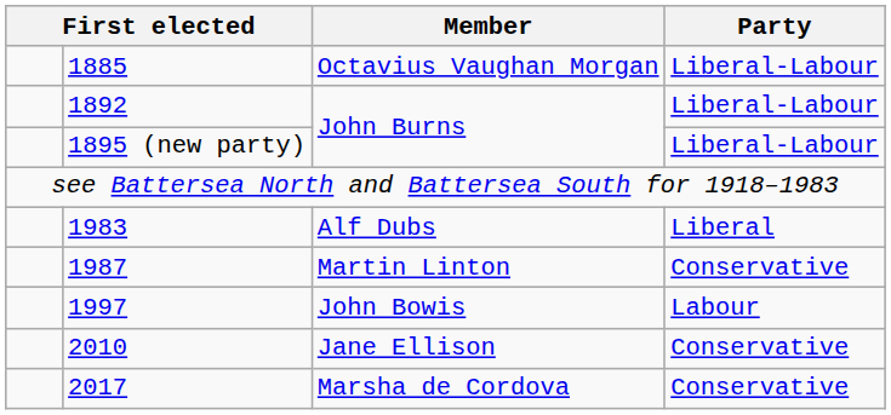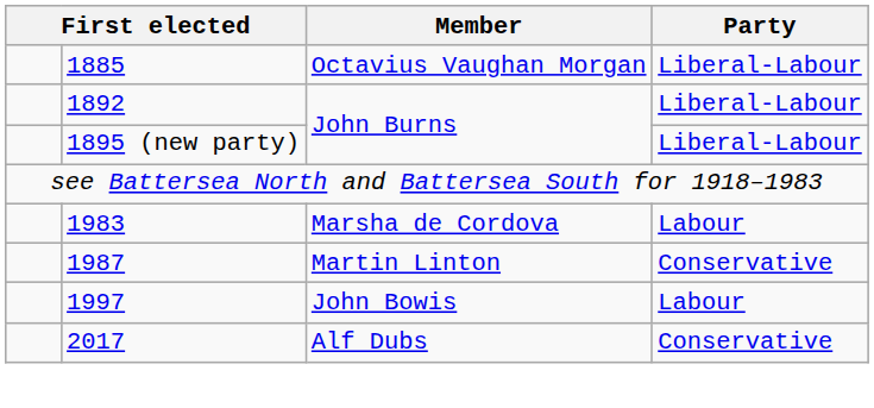 <table class=wikitable>
 <tr>
 <th colspan="2">First elected</th>
 <th>Member</th>
 <th>Party</th>
 </tr>
 <tr>
 <td style="color:inherit;background-color: "></td>
 <td><a href='#'>1885</a></td>
 <td><a href='#'>Octavius Vaughan Morgan</a></td>
 <td><a href='#'>Liberal-Labour</a></td>
 </tr>
 <tr>
 <td style="color:inherit;background-color: ">   </td>
 <td><a href='#'>1892</a></td>
 <td rowspan=2><a href='#'>John Burns</a></td>
 <td><a href='#'>Liberal-Labour</a></td>
 </tr>
 <tr>
 <td style="color:inherit;background-color: ">   </td>
 <td><a href='#'>1895</a> (new party)</td>
 <td><a href='#'>Liberal-Labour</a></td>
 </tr>
 <tr>
 <td colspan="4" align="center"><em>see <a href='#'>Battersea North</a> and <a href='#'>Battersea South</a> for 1918–1983</em></td>
 </tr>
 <tr>
 <td style="color:inherit;background-color: "></td>
 <td><a href='#'>1983</a></td>
-<td><a href='#'>Alf Dubs</a></td>
-<td><a href='#'>Liberal</a></td>
+<td><a href='#'>Marsha de Cordova</a></td>
+<td><a href='#'>Labour</a></td>
 </tr>
 <tr>
 <td style="color:inherit;background-color: "></td>
 <td><a href='#'>1987</a></td>
 <td><a href='#'>Martin Linton</a></td>
 <td><a href='#'>Conservative</a></td>
 </tr>
 <tr>
 <td style="color:inherit;background-color: "></td>
 <td><a href='#'>1997</a></td>
 <td><a href='#'>John Bowis</a></td>
 <td><a href='#'>Labour</a></td>
 </tr>
 <tr>
 <td style="color:inherit;background-color: "></td>
-<td><a href='#'>2010</a></td>
-<td><a href='#'>Jane Ellison</a></td>
-<td><a href='#'>Conservative</a></td>
-</tr>
-<tr>
-<td style="color:inherit;background-color: "></td>
 <td><a href='#'>2017</a></td>
-<td><a href='#'>Marsha de Cordova</a></td>
+<td><a href='#'>Alf Dubs</a></td>
 <td><a href='#'>Conservative</a></td>
 </tr>
 </table>
